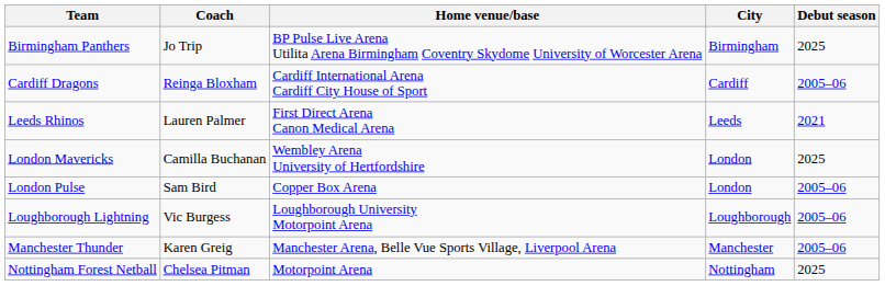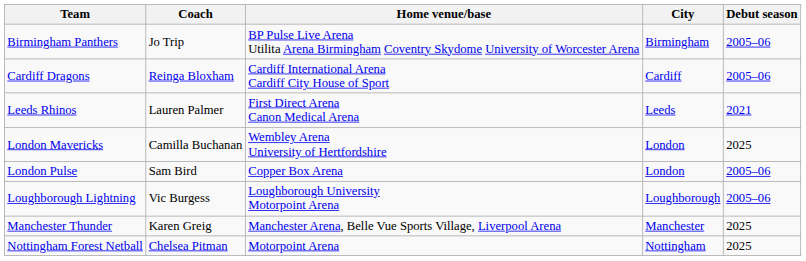 <table class="wikitable collapsible">
 <tr>
 <th>Team</th>
 <th>Coach</th>
 <th>Home venue/base</th>
 <th>City</th>
 <th>Debut season</th>
 </tr>
 <tr>
 <td> <a href='#'>Birmingham Panthers</a></td>
 <td>Jo Trip</td>
 <td><a href='#'>BP Pulse Live Arena</a><br>Utilita <a href='#'>Arena Birmingham</a> <a href='#'>Coventry Skydome</a> <a href='#'>University of Worcester Arena</a></td>
 <td><a href='#'>Birmingham</a></td>
-<td>2025</td>
+<td><a href='#'>2005–06</a></td>
 </tr>
 <tr>
 <td> <a href='#'>Cardiff Dragons</a></td>
 <td><a href='#'>Reinga Bloxham</a></td>
 <td><a href='#'>Cardiff International Arena</a><br><a href='#'>Cardiff City House of Sport</a></td>
 <td><a href='#'>Cardiff</a></td>
 <td><a href='#'>2005–06</a></td>
 </tr>
 <tr>
 <td> <a href='#'>Leeds Rhinos</a></td>
 <td>Lauren Palmer</td>
 <td><a href='#'>First Direct Arena</a><br><a href='#'>Canon Medical Arena</a></td>
 <td><a href='#'>Leeds</a></td>
 <td><a href='#'>2021</a></td>
 </tr>
 <tr>
 <td> <a href='#'>London Mavericks</a></td>
 <td>Camilla Buchanan</td>
 <td><a href='#'>Wembley Arena</a><br><a href='#'>University of Hertfordshire</a></td>
 <td><a href='#'>London</a></td>
 <td>2025</td>
 </tr>
 <tr>
 <td> <a href='#'>London Pulse</a></td>
 <td>Sam Bird</td>
 <td><a href='#'>Copper Box Arena</a></td>
 <td><a href='#'>London</a></td>
 <td><a href='#'>2005–06</a></td>
 </tr>
 <tr>
 <td> <a href='#'>Loughborough Lightning</a></td>
 <td>Vic Burgess</td>
 <td><a href='#'>Loughborough University</a><br><a href='#'>Motorpoint Arena</a></td>
 <td><a href='#'>Loughborough</a></td>
 <td><a href='#'>2005–06</a></td>
 </tr>
 <tr>
 <td> <a href='#'>Manchester Thunder</a></td>
 <td>Karen Greig</td>
 <td><a href='#'>Manchester Arena</a>, Belle Vue Sports Village, <a href='#'>Liverpool Arena</a></td>
 <td><a href='#'>Manchester</a></td>
-<td><a href='#'>2005–06</a></td>
+<td>2025</td>
 </tr>
 <tr>
 <td> <a href='#'>Nottingham Forest Netball</a></td>
 <td><a href='#'>Chelsea Pitman</a></td>
 <td><a href='#'>Motorpoint Arena</a></td>
 <td><a href='#'>Nottingham</a></td>
 <td>2025</td>
 </tr>
 </table>
